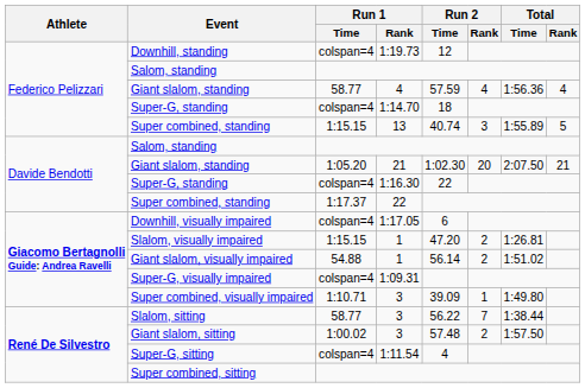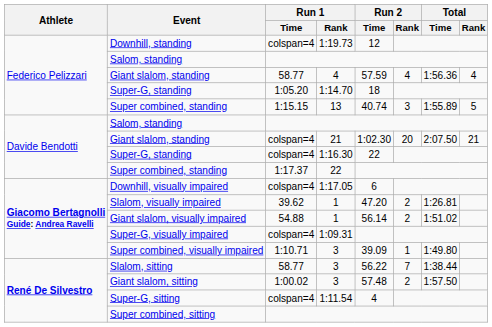 <table class="wikitable" style="font-size:90%">
 <tr>
 <th rowspan=2>Athlete</th>
 <th rowspan=2>Event</th>
 <th colspan=2>Run 1</th>
 <th colspan=2>Run 2</th>
 <th colspan=2>Total</th>
 </tr>
 <tr style="font-size:95%">
 <th>Time</th>
 <th>Rank</th>
 <th>Time</th>
 <th>Rank</th>
 <th>Time</th>
 <th>Rank</th>
 </tr>
 <tr align=center>
 <td style="text-align:left;" rowspan="5"><a href='#'>Federico Pelizzari</a></td>
 <td align=left><a href='#'>Downhill, standing</a></td>
 <td>colspan=4 </td>
 <td>1:19.73</td>
 <td>12</td>
 </tr>
 <tr align=center>
 <td align=left><a href='#'>Salom, standing</a></td>
 <td colspan=6></td>
 </tr>
 <tr align=center>
 <td align=left><a href='#'>Giant slalom, standing</a></td>
 <td>58.77</td>
 <td>4</td>
 <td>57.59</td>
 <td>4</td>
 <td>1:56.36</td>
 <td>4</td>
 </tr>
 <tr align=center>
 <td align=left><a href='#'>Super-G, standing</a></td>
-<td>colspan=4 </td>
+<td>1:05.20</td>
 <td>1:14.70</td>
 <td>18</td>
 </tr>
 <tr align=center>
 <td align=left><a href='#'>Super combined, standing</a></td>
 <td>1:15.15</td>
 <td>13</td>
 <td>40.74</td>
 <td>3</td>
 <td>1:55.89</td>
 <td>5</td>
 </tr>
 <tr align=center>
 <td style="text-align:left;" rowspan="4"><a href='#'>Davide Bendotti</a></td>
 <td align=left><a href='#'>Salom, standing</a></td>
 <td colspan=6></td>
 </tr>
 <tr align=center>
 <td align=left><a href='#'>Giant slalom, standing</a></td>
-<td>1:05.20</td>
+<td>colspan=4 </td>
 <td>21</td>
 <td>1:02.30</td>
 <td>20</td>
 <td>2:07.50</td>
 <td>21</td>
 </tr>
 <tr align=center>
 <td align=left><a href='#'>Super-G, standing</a></td>
 <td>colspan=4 </td>
 <td>1:16.30</td>
 <td>22</td>
 </tr>
 <tr align=center>
 <td align=left><a href='#'>Super combined, standing</a></td>
 <td>1:17.37</td>
 <td>22</td>
 <td colspan=4></td>
 </tr>
 <tr align=center>
 <td style="text-align:left;" rowspan="5"><strong><a href='#'>Giacomo Bertagnolli</a><br><small><a href='#'>Guide</a>: <a href='#'>Andrea Ravelli</a></small></strong></td>
 <td align=left><a href='#'>Downhill, visually impaired</a></td>
 <td>colspan=4 </td>
 <td>1:17.05</td>
 <td>6</td>
 </tr>
 <tr align=center>
 <td align=left><a href='#'>Slalom, visually impaired</a></td>
-<td>1:15.15</td>
+<td>39.62</td>
 <td>1</td>
 <td>47.20</td>
 <td>2</td>
 <td>1:26.81</td>
 <td></td>
 </tr>
 <tr align=center>
 <td align=left><a href='#'>Giant slalom, visually impaired</a></td>
 <td>54.88</td>
 <td>1</td>
 <td>56.14</td>
 <td>2</td>
 <td>1:51.02</td>
 <td></td>
 </tr>
 <tr align=center>
 <td align=left><a href='#'>Super-G, visually impaired</a></td>
 <td>colspan=4 </td>
 <td>1:09.31</td>
 <td></td>
 </tr>
 <tr align=center>
 <td align=left><a href='#'>Super combined, visually impaired</a></td>
 <td>1:10.71</td>
 <td>3</td>
 <td>39.09</td>
 <td>1</td>
 <td>1:49.80</td>
 <td></td>
 </tr>
 <tr align=center>
 <td style="text-align:left;" rowspan="4"><strong><a href='#'>René De Silvestro</a></strong></td>
 <td align=left><a href='#'>Slalom, sitting</a></td>
 <td>58.77</td>
 <td>3</td>
 <td>56.22</td>
 <td>7</td>
 <td>1:38.44</td>
 <td></td>
 </tr>
 <tr align=center>
 <td align=left><a href='#'>Giant slalom, sitting</a></td>
 <td>1:00.02</td>
 <td>3</td>
 <td>57.48</td>
 <td>2</td>
 <td>1:57.50</td>
 <td></td>
 </tr>
 <tr align=center>
 <td align=left><a href='#'>Super-G, sitting</a></td>
 <td>colspan=4 </td>
 <td>1:11.54</td>
 <td>4</td>
 </tr>
 <tr align=center>
 <td align=left><a href='#'>Super combined, sitting</a></td>
 <td colspan=6></td>
 </tr>
 </table>
